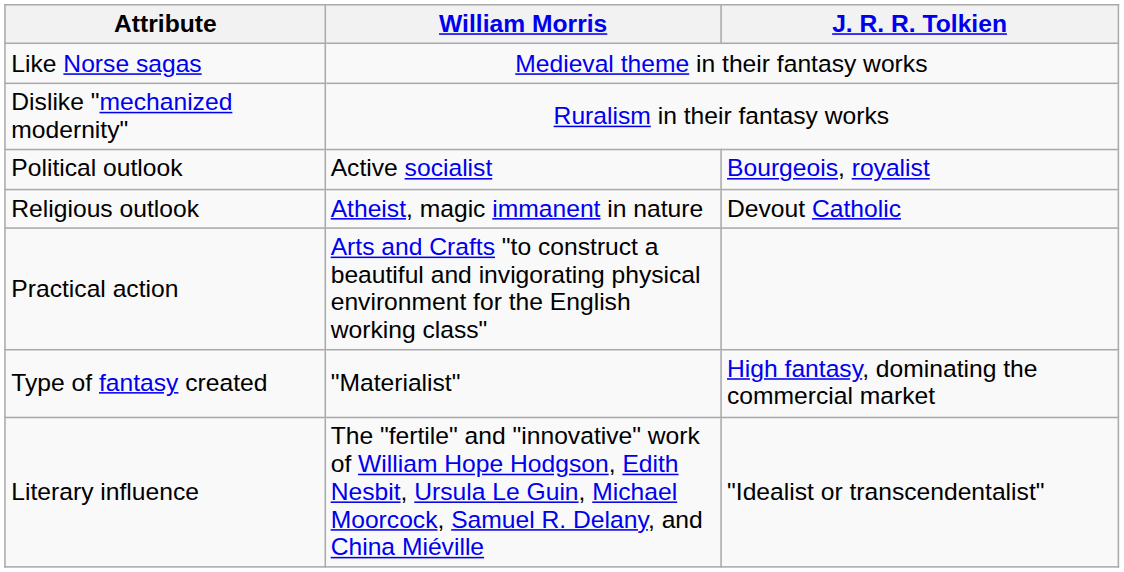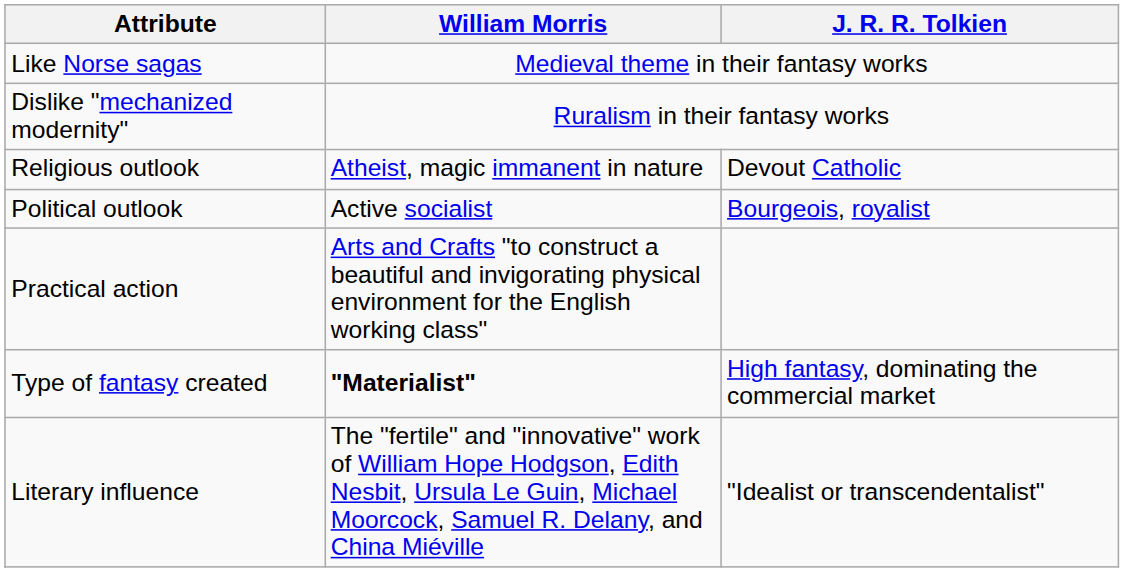 <table class="wikitable" style="margin: 1em auto;">
 <tr>
 <th style="width: 200px;">Attribute</th>
 <th style="width: 250px;"><a href='#'>William Morris</a></th>
 <th style="width: 250px;"><a href='#'>J. R. R. Tolkien</a></th>
 </tr>
 <tr>
 <td>Like <a href='#'>Norse sagas</a></td>
 <td colspan=2; style="text-align:center;"><a href='#'>Medieval theme</a> in their fantasy works</td>
 </tr>
 <tr>
 <td>Dislike "<a href='#'>mechanized</a> modernity"</td>
 <td colspan=2; style="text-align:center;"><a href='#'>Ruralism</a> in their fantasy works</td>
 </tr>
 <tr>
+<td>Religious outlook</td>
+<td><a href='#'>Atheist</a>, magic <a href='#'>immanent</a> in nature</td>
+<td>Devout <a href='#'>Catholic</a></td>
+</tr>
+<tr>
 <td>Political outlook</td>
 <td>Active <a href='#'>socialist</a></td>
 <td><a href='#'>Bourgeois</a>, <a href='#'>royalist</a></td>
-</tr>
-<tr>
-<td>Religious outlook</td>
-<td><a href='#'>Atheist</a>, magic <a href='#'>immanent</a> in nature</td>
-<td>Devout <a href='#'>Catholic</a></td>
 </tr>
 <tr>
 <td>Practical action</td>
 <td><a href='#'>Arts and Crafts</a> "to construct a beautiful and invigorating physical environment for the English working class"</td>
 <td></td>
 </tr>
 <tr>
 <td>Type of <a href='#'>fantasy</a> created</td>
-<td>"Materialist"</td>
+<td><strong>"Materialist"</strong></td>
 <td><a href='#'>High fantasy</a>, dominating the commercial market</td>
 </tr>
 <tr>
 <td>Literary influence</td>
 <td>The "fertile" and "innovative" work of <a href='#'>William Hope Hodgson</a>, <a href='#'>Edith Nesbit</a>, <a href='#'>Ursula Le Guin</a>, <a href='#'>Michael Moorcock</a>, <a href='#'>Samuel R. Delany</a>, and <a href='#'>China Miéville</a></td>
 <td>"Idealist or transcendentalist"</td>
 </tr>
 </table>
